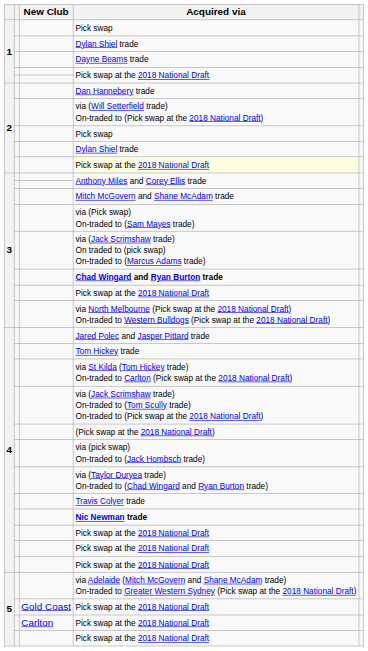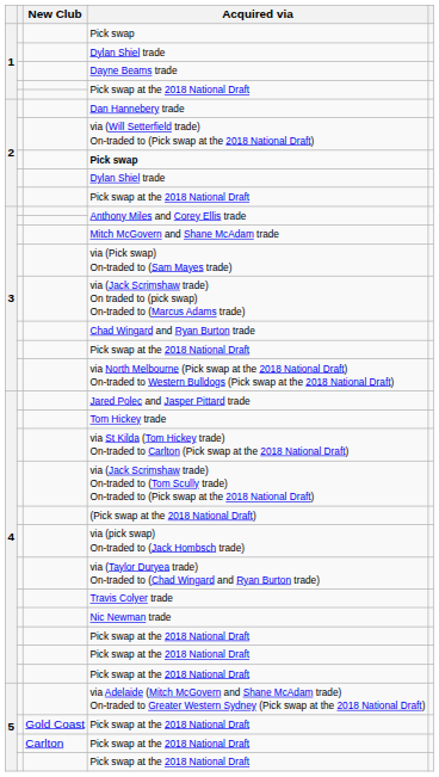 <table class="wikitable sortable plainrowheaders">
 <tr>
 <th scope="col"></th>
 <th scope="col"></th>
 <th scope="col">New Club</th>
 <th class="unsortable">Acquired via</th>
 <th class="unsortable"></th>
 </tr>
 <tr>
 <th scope="row" style="text-align:center;" rowspan="5">1</th>
 <td></td>
 <td></td>
 <td><small>Pick swap</small></td>
 <td align=center></td>
 </tr>
 <tr>
 <td></td>
 <td></td>
 <td><small><a href='#'>Dylan Shiel</a> trade</small></td>
 <td align=center></td>
 </tr>
 <tr>
 <td></td>
 <td></td>
 <td><small><a href='#'>Dayne Beams</a> trade</small></td>
 <td align=center></td>
 </tr>
 <tr>
 <td></td>
 <td></td>
 <td rowspan=2><small>Pick swap at the <a href='#'>2018 National Draft</a></small></td>
 <td rowspan="2" style="text-align:center;"></td>
 </tr>
 <tr>
 <td></td>
 <td></td>
 </tr>
 <tr>
 <th scope="row" rowspan=5>2</th>
 <td></td>
 <td></td>
 <td><small><a href='#'>Dan Hannebery</a> trade</small></td>
 <td align=center></td>
 </tr>
 <tr>
 <td></td>
 <td></td>
 <td><small>via  (<a href='#'>Will Setterfield</a> trade)<br>On-traded to  (Pick swap at the <a href='#'>2018 National Draft</a>)</small></td>
 <td align=center><br></td>
 </tr>
 <tr>
 <td></td>
 <td></td>
-<td><small>Pick swap</small></td>
+<td><strong><small>Pick swap</small></strong></td>
 <td align=center></td>
 </tr>
 <tr>
 <td></td>
 <td></td>
 <td><small><a href='#'>Dylan Shiel</a> trade</small></td>
 <td align=center></td>
 </tr>
 <tr>
 <td></td>
 <td></td>
-<td style="background: lightyellow;"><small>Pick swap at the <a href='#'>2018 National Draft</a></small></td>
+<td><small>Pick swap at the <a href='#'>2018 National Draft</a></small></td>
 <td align=center></td>
 </tr>
 <tr>
 <th rowspan="8" scope="row">3</th>
 <td></td>
 <td></td>
 <td rowspan=2><small><a href='#'>Anthony Miles</a> and <a href='#'>Corey Ellis</a> trade</small></td>
 <td rowspan="2" style="text-align:center;"></td>
 </tr>
 <tr>
 <td></td>
 <td></td>
 </tr>
 <tr>
 <td></td>
 <td></td>
 <td><small><a href='#'>Mitch McGovern</a> and <a href='#'>Shane McAdam</a> trade</small></td>
 <td align=center></td>
 </tr>
 <tr>
 <td></td>
 <td></td>
 <td><small>via  (Pick swap)<br>On-traded to  (<a href='#'>Sam Mayes</a> trade)</small></td>
 <td align=center><br></td>
 </tr>
 <tr>
 <td></td>
 <td></td>
 <td><small>via  (<a href='#'>Jack Scrimshaw</a> trade)<br>On traded to  (pick swap)<br>On-traded to  (<a href='#'>Marcus Adams</a> trade)</small></td>
 <td align=center><br><br></td>
 </tr>
 <tr>
 <td></td>
 <td></td>
-<td><strong><small><a href='#'>Chad Wingard</a> and <a href='#'>Ryan Burton</a> trade</small></strong></td>
+<td><small><a href='#'>Chad Wingard</a> and <a href='#'>Ryan Burton</a> trade</small></td>
 <td align=center></td>
 </tr>
 <tr>
 <td></td>
 <td></td>
 <td><small>Pick swap at the <a href='#'>2018 National Draft</a></small></td>
 <td align=center></td>
 </tr>
 <tr>
 <td></td>
 <td></td>
 <td><small>via <a href='#'>North Melbourne</a> (Pick swap at the <a href='#'>2018 National Draft</a>)<br>On-traded to <a href='#'>Western Bulldogs</a> (Pick swap at the <a href='#'>2018 National Draft</a>)</small></td>
 <td align=center><br></td>
 </tr>
 <tr>
 <th rowspan="12" scope="row">4</th>
 <td></td>
 <td></td>
 <td><small><a href='#'>Jared Polec</a> and <a href='#'>Jasper Pittard</a> trade</small></td>
 <td style="text-align:center;"></td>
 </tr>
 <tr>
 <td></td>
 <td></td>
 <td><small><a href='#'>Tom Hickey</a> trade</small></td>
 <td align=center></td>
 </tr>
 <tr>
 <td></td>
 <td></td>
 <td><small>via <a href='#'>St Kilda</a> (<a href='#'>Tom Hickey</a> trade)<br>On-traded to <a href='#'>Carlton</a> (Pick swap at the <a href='#'>2018 National Draft</a>)</small></td>
 <td align=center><br></td>
 </tr>
 <tr>
 <td></td>
 <td></td>
 <td><small>via  (<a href='#'>Jack Scrimshaw</a> trade)<br>On-traded to  (<a href='#'>Tom Scully</a> trade)<br>On-traded to  (Pick swap at the <a href='#'>2018 National Draft</a>)</small></td>
 <td align=center><br><br></td>
 </tr>
 <tr>
 <td></td>
 <td></td>
 <td><small>(Pick swap at the <a href='#'>2018 National Draft</a>)</small></td>
 <td align=center></td>
 </tr>
 <tr>
 <td></td>
 <td></td>
 <td><small>via  (pick swap)<br>On-traded to  (<a href='#'>Jack Hombsch</a> trade)</small></td>
 <td align=center><br></td>
 </tr>
 <tr>
 <td></td>
 <td></td>
 <td><small>via  (<a href='#'>Taylor Duryea</a> trade)<br>On-traded to  (<a href='#'>Chad Wingard</a> and <a href='#'>Ryan Burton</a> trade)</small></td>
 <td align=center><br></td>
 </tr>
 <tr>
 <td></td>
 <td></td>
 <td><small><a href='#'>Travis Colyer</a>  trade</small></td>
 <td align=center></td>
 </tr>
 <tr>
 <td></td>
 <td></td>
-<td><strong><small><a href='#'>Nic Newman</a>  trade</small></strong></td>
+<td><small><a href='#'>Nic Newman</a>  trade</small></td>
 <td align=center></td>
 </tr>
 <tr>
 <td></td>
 <td></td>
 <td><small>Pick swap at the <a href='#'>2018 National Draft</a></small></td>
 <td align=center></td>
 </tr>
 <tr>
 <td></td>
 <td></td>
 <td><small>Pick swap at the <a href='#'>2018 National Draft</a></small></td>
 <td align=center></td>
 </tr>
 <tr>
 <td></td>
 <td></td>
 <td><small>Pick swap at the <a href='#'>2018 National Draft</a></small></td>
 <td align=center></td>
 </tr>
 <tr>
 <th rowspan="4" scope="row">5</th>
 <td></td>
 <td></td>
 <td><small>via <a href='#'>Adelaide</a> (<a href='#'>Mitch McGovern</a> and <a href='#'>Shane McAdam</a> trade)<br>On-traded to <a href='#'>Greater Western Sydney</a> (Pick swap at the <a href='#'>2018 National Draft</a>)</small></td>
 <td align=center><br></td>
 </tr>
 <tr>
 <td></td>
 <td><a href='#'>Gold Coast</a></td>
 <td><small>Pick swap at the <a href='#'>2018 National Draft</a></small></td>
 <td align=center></td>
 </tr>
 <tr>
 <td></td>
 <td><a href='#'>Carlton</a></td>
 <td><small> Pick swap at the <a href='#'>2018 National Draft</a></small></td>
 <td style="text-align:center;"></td>
 </tr>
 <tr>
 <td></td>
 <td></td>
 <td><small>Pick swap at the <a href='#'>2018 National Draft</a></small></td>
 <td align=center></td>
 </tr>
 </table>
